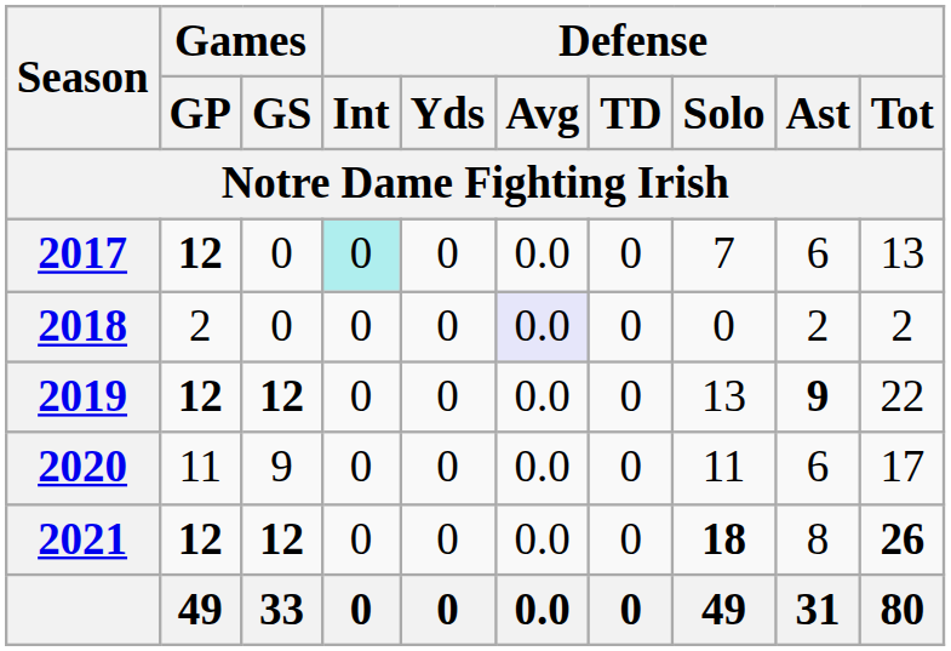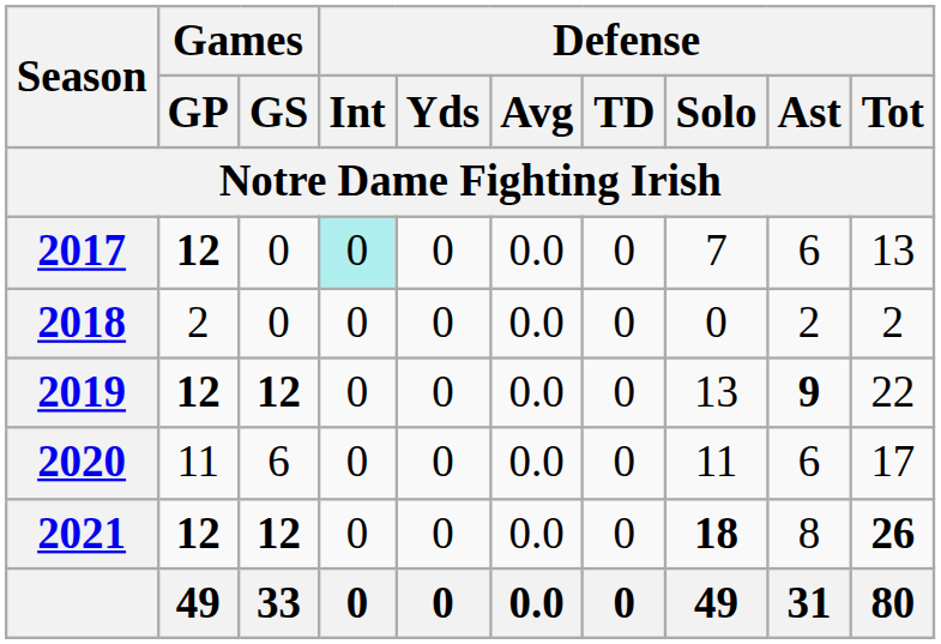 <table class="wikitable" style="text-align:center;">
 <tr>
 <th rowspan="2">Season</th>
 <th colspan="2">Games</th>
 <th colspan="7">Defense</th>
 </tr>
 <tr>
 <th>GP</th>
 <th>GS</th>
 <th>Int</th>
 <th>Yds</th>
 <th>Avg</th>
 <th>TD</th>
 <th>Solo</th>
 <th>Ast</th>
 <th>Tot</th>
 </tr>
 <tr>
 <th colspan="15">Notre Dame Fighting Irish</th>
 </tr>
 <tr>
 <th><a href='#'>2017</a></th>
 <td><strong>12</strong></td>
 <td>0</td>
 <td style="background: paleturquoise;">0</td>
 <td>0</td>
 <td>0.0</td>
 <td>0</td>
 <td>7</td>
 <td>6</td>
 <td>13</td>
 </tr>
 <tr>
 <th><a href='#'>2018</a></th>
 <td>2</td>
 <td>0</td>
 <td>0</td>
 <td>0</td>
-<td style="background: lavender;">0.0</td>
+<td>0.0</td>
 <td>0</td>
 <td>0</td>
 <td>2</td>
 <td>2</td>
 </tr>
 <tr>
 <th><a href='#'>2019</a></th>
 <td><strong>12</strong></td>
 <td><strong>12</strong></td>
 <td>0</td>
 <td>0</td>
 <td>0.0</td>
 <td>0</td>
 <td>13</td>
 <td><strong>9</strong></td>
 <td>22</td>
 </tr>
 <tr>
 <th><a href='#'>2020</a></th>
 <td>11</td>
-<td>9</td>
+<td>6</td>
 <td>0</td>
 <td>0</td>
 <td>0.0</td>
 <td>0</td>
 <td>11</td>
 <td>6</td>
 <td>17</td>
 </tr>
 <tr>
 <th><a href='#'>2021</a></th>
 <td><strong>12</strong></td>
 <td><strong>12</strong></td>
 <td>0</td>
 <td>0</td>
 <td>0.0</td>
 <td>0</td>
 <td><strong>18</strong></td>
 <td>8</td>
 <td><strong>26</strong></td>
 </tr>
 <tr>
 <th></th>
 <th>49</th>
 <th>33</th>
 <th>0</th>
 <th>0</th>
 <th>0.0</th>
 <th>0</th>
 <th>49</th>
 <th>31</th>
 <th>80</th>
 </tr>
 </table>
